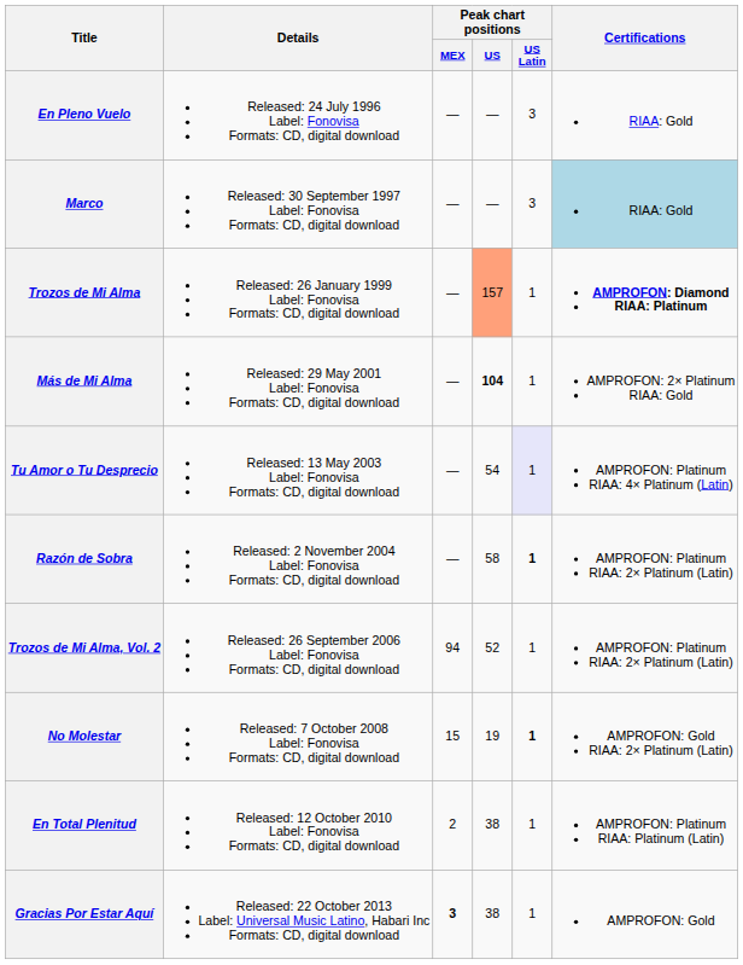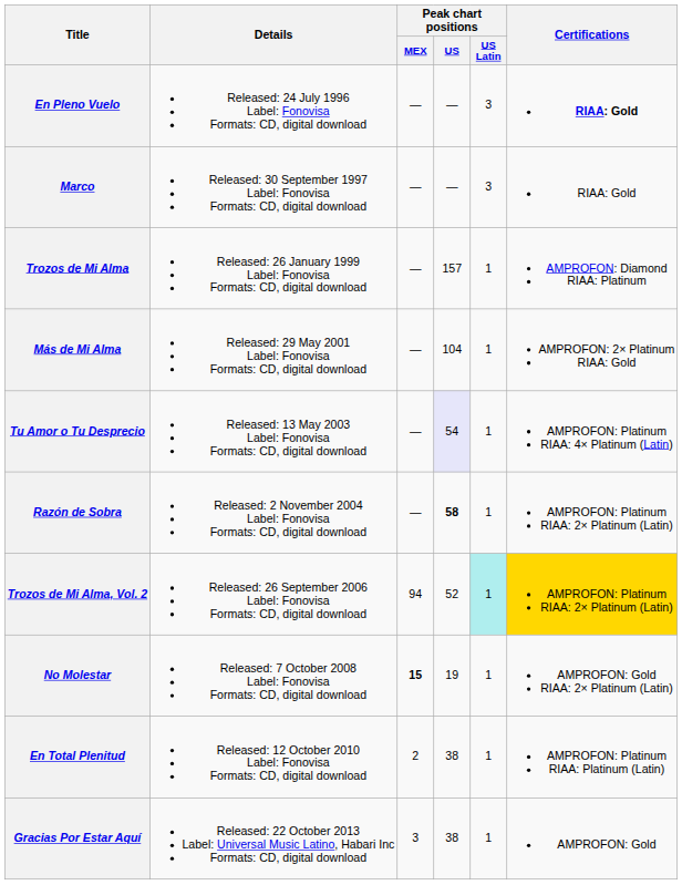 <table class="wikitable plainrowheaders" style="text-align:center;">
 <tr>
 <th scope="col" rowspan="2">Title</th>
 <th scope="col" rowspan="2">Details</th>
 <th scope="col" colspan="3">Peak chart positions</th>
 <th scope="col" rowspan="2"><a href='#'>Certifications</a></th>
 </tr>
 <tr>
 <th scope="col" style="width:3em;font-size:90%;"><a href='#'>MEX</a><br></th>
 <th scope="col" style="width:3em;font-size:90%;"><a href='#'>US</a><br></th>
 <th scope="col" style="width:3em;font-size:90%;"><a href='#'>US<br>Latin</a><br></th>
 </tr>
 <tr>
 <th scope="row"><em><a href='#'>En Pleno Vuelo</a></em></th>
 <td><br><ul><li>Released: 24 July 1996</li><li>Label: <a href='#'>Fonovisa</a></li><li>Formats: CD, digital download</li></ul></td>
 <td>—</td>
 <td>—</td>
 <td>3</td>
-<td><br><ul><li><a href='#'>RIAA</a>: Gold</li></ul></td>
+<td><strong><br><ul><li><a href='#'>RIAA</a>: Gold</li></ul></strong></td>
 </tr>
 <tr>
 <th scope="row"><em><a href='#'>Marco</a></em></th>
 <td><br><ul><li>Released: 30 September 1997</li><li>Label: Fonovisa</li><li>Formats: CD, digital download</li></ul></td>
 <td>—</td>
 <td>—</td>
 <td>3</td>
-<td style="background: lightblue;"><br><ul><li>RIAA: Gold</li></ul></td>
+<td><br><ul><li>RIAA: Gold</li></ul></td>
 </tr>
 <tr>
 <th scope="row"><em><a href='#'>Trozos de Mi Alma</a></em></th>
 <td><br><ul><li>Released: 26 January 1999</li><li>Label: Fonovisa</li><li>Formats: CD, digital download</li></ul></td>
 <td>—</td>
-<td style="background: lightsalmon;">157</td>
+<td>157</td>
 <td>1</td>
-<td><strong><br><ul><li><a href='#'>AMPROFON</a>: Diamond</li><li>RIAA: Platinum</li></ul></strong></td>
+<td><br><ul><li><a href='#'>AMPROFON</a>: Diamond</li><li>RIAA: Platinum</li></ul></td>
 </tr>
 <tr>
 <th scope="row"><em><a href='#'>Más de Mi Alma</a></em></th>
 <td><br><ul><li>Released: 29 May 2001</li><li>Label: Fonovisa</li><li>Formats: CD, digital download</li></ul></td>
 <td>—</td>
-<td><strong>104</strong></td>
+<td>104</td>
 <td>1</td>
 <td><br><ul><li>AMPROFON: 2× Platinum</li><li>RIAA: Gold</li></ul></td>
 </tr>
 <tr>
 <th scope="row"><em><a href='#'>Tu Amor o Tu Desprecio</a></em></th>
 <td><br><ul><li>Released: 13 May 2003</li><li>Label: Fonovisa</li><li>Formats: CD, digital download</li></ul></td>
 <td>—</td>
-<td>54</td>
-<td style="background: lavender;">1</td>
+<td style="background: lavender;">54</td>
+<td>1</td>
 <td><br><ul><li>AMPROFON: Platinum</li><li>RIAA: 4× Platinum (<a href='#'>Latin</a>)</li></ul></td>
 </tr>
 <tr>
 <th scope="row"><em><a href='#'>Razón de Sobra</a></em></th>
 <td><br><ul><li>Released: 2 November 2004</li><li>Label: Fonovisa</li><li>Formats: CD, digital download</li></ul></td>
 <td>—</td>
-<td>58</td>
-<td><strong>1</strong></td>
+<td><strong>58</strong></td>
+<td>1</td>
 <td><br><ul><li>AMPROFON: Platinum</li><li>RIAA: 2× Platinum (Latin)</li></ul></td>
 </tr>
 <tr>
 <th scope="row"><em><a href='#'>Trozos de Mi Alma, Vol. 2</a></em></th>
 <td><br><ul><li>Released: 26 September 2006</li><li>Label: Fonovisa</li><li>Formats: CD, digital download</li></ul></td>
 <td>94</td>
 <td>52</td>
-<td>1</td>
-<td><br><ul><li>AMPROFON: Platinum</li><li>RIAA: 2× Platinum (Latin)</li></ul></td>
+<td style="background: paleturquoise;">1</td>
+<td style="background: gold;"><br><ul><li>AMPROFON: Platinum</li><li>RIAA: 2× Platinum (Latin)</li></ul></td>
 </tr>
 <tr>
 <th scope="row"><em><a href='#'>No Molestar</a></em></th>
 <td><br><ul><li>Released: 7 October 2008</li><li>Label: Fonovisa</li><li>Formats: CD, digital download</li></ul></td>
-<td>15</td>
+<td><strong>15</strong></td>
 <td>19</td>
-<td><strong>1</strong></td>
+<td>1</td>
 <td><br><ul><li>AMPROFON: Gold</li><li>RIAA: 2× Platinum (Latin)</li></ul></td>
 </tr>
 <tr>
 <th scope="row"><em><a href='#'>En Total Plenitud</a></em></th>
 <td><br><ul><li>Released: 12 October 2010</li><li>Label: Fonovisa</li><li>Formats: CD, digital download</li></ul></td>
 <td>2</td>
 <td>38</td>
 <td>1</td>
 <td><br><ul><li>AMPROFON: Platinum</li><li>RIAA: Platinum (Latin)</li></ul></td>
 </tr>
 <tr>
 <th scope="row"><em><a href='#'>Gracias Por Estar Aquí</a></em></th>
 <td><br><ul><li>Released: 22 October 2013</li><li>Label: <a href='#'>Universal Music Latino</a>, Habari Inc</li><li>Formats: CD, digital download</li></ul></td>
-<td><strong>3</strong></td>
+<td>3</td>
 <td>38</td>
 <td>1</td>
 <td><br><ul><li>AMPROFON: Gold</li></ul></td>
 </tr>
 </table>
